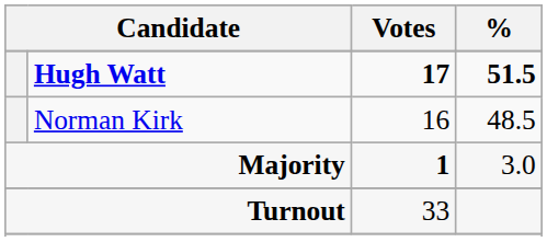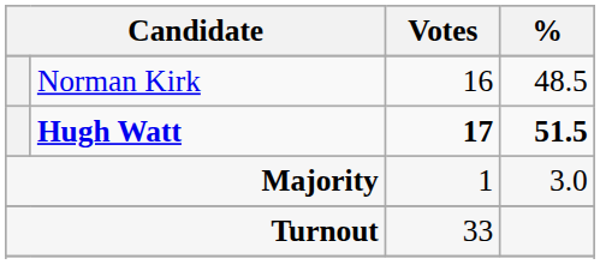 <table class="wikitable" style="font-size: 95%;">
 <tr style="background-color:#E9E9E9">
 <th colspan="2" style="width: 170px">Candidate</th>
 <th style="width: 50px">Votes</th>
 <th style="width: 40px">%</th>
 </tr>
 <tr>
 </tr>
 <tr>
+<th style="background-color: "></th>
+<td style="width: 170px"><a href='#'>Norman Kirk</a></td>
+<td align="right">16</td>
+<td align="right">48.5</td>
+</tr>
+<tr>
 <th width=5 style="background-color: "></th>
 <td style="width: 170px"><strong><a href='#'>Hugh Watt</a></strong></td>
 <td align="right"><strong>17</strong></td>
 <td align="right"><strong>51.5</strong></td>
 </tr>
-<tr>
-<th style="background-color: "></th>
-<td style="width: 170px"><a href='#'>Norman Kirk</a></td>
-<td align="right">16</td>
-<td align="right">48.5</td>
-</tr>
 <tr style="background-color:#F6F6F6">
 <td colspan="2" align="right"><strong>Majority</strong></td>
-<td align="right"><strong>1</strong></td>
+<td align="right">1</td>
 <td align="right">3.0</td>
 </tr>
 <tr>
 </tr>
 <tr style="background-color:#F6F6F6">
 <td colspan="2" align="right"><strong>Turnout</strong></td>
 <td align="right">33</td>
 <td></td>
 </tr>
 <tr>
 </tr>
 <tr style="background-color:#F6F6F6">
 </tr>
 </table>
